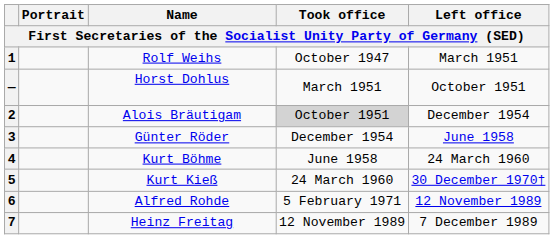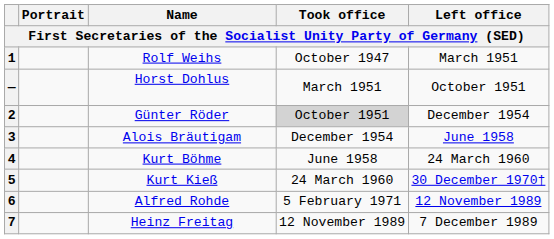 <table class="wikitable" style="text-align:center">
 <tr>
 <th></th>
 <th>Portrait</th>
 <th width=180>Name<br></th>
 <th>Took office</th>
 <th>Left office</th>
 </tr>
 <tr>
 <th colspan=5>First Secretaries of the <a href='#'>Socialist Unity Party of Germany</a> (SED)</th>
 </tr>
 <tr>
 <th style="background:">1</th>
 <td></td>
 <td><a href='#'>Rolf Weihs</a><br></td>
 <td>October 1947</td>
 <td>March 1951<br></td>
 </tr>
 <tr>
 <th style="background:">—</th>
 <td></td>
 <td><a href='#'>Horst Dohlus</a><br><br></td>
 <td>March 1951</td>
 <td>October 1951</td>
 </tr>
 <tr>
 <th style="background:">2</th>
 <td></td>
-<td><a href='#'>Alois Bräutigam</a><br></td>
+<td><a href='#'>Günter Röder</a></td>
 <td style="background: lightgrey;">October 1951</td>
 <td>December 1954</td>
 </tr>
 <tr>
 <th style="background:">3</th>
 <td></td>
-<td><a href='#'>Günter Röder</a></td>
+<td><a href='#'>Alois Bräutigam</a><br></td>
 <td>December 1954</td>
 <td><a href='#'>June 1958<br></a></td>
 </tr>
 <tr>
 <th style="background:">4</th>
 <td></td>
 <td><a href='#'>Kurt Böhme</a><br></td>
 <td>June 1958</td>
 <td>24 March 1960<br></td>
 </tr>
 <tr>
 <th style="background:">5</th>
 <td></td>
 <td><a href='#'>Kurt Kieß</a><br></td>
 <td>24 March 1960</td>
 <td><a href='#'>30 December 1970†</a></td>
 </tr>
 <tr>
 <th style="background:">6</th>
 <td></td>
 <td><a href='#'>Alfred Rohde</a><br></td>
 <td>5 February 1971</td>
 <td><a href='#'>12 November 1989<br></a></td>
 </tr>
 <tr>
 <th style="background:">7</th>
 <td></td>
 <td><a href='#'>Heinz Freitag</a><br></td>
 <td>12 November 1989</td>
 <td>7 December 1989<br></td>
 </tr>
 </table>
